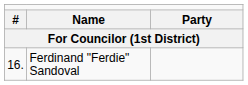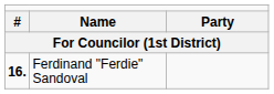 <table class=wikitable style="font-size:95%">
 <tr>
 <td colspan=4 bgcolor=></td>
 </tr>
 <tr>
 <th>#</th>
 <th width=150px>Name</th>
 <th colspan=2 width=110px>Party</th>
 </tr>
 <tr>
 <th colspan=4>For Councilor (1st District)</th>
 </tr>
 <tr>
-<td>16.</td>
+<td><strong>16.</strong></td>
 <td>Ferdinand "Ferdie" Sandoval</td>
 <td></td>
 </tr>
 </table>
